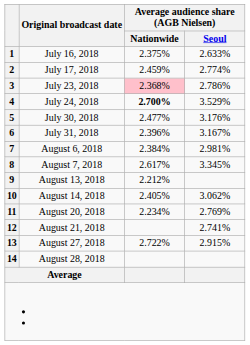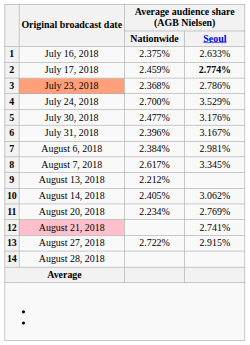 <table class="wikitable" style="text-align:center;max-width:450px; margin-left: auto; margin-right: auto; border: none;">
 <tr>
 </tr>
 <tr>
 <th rowspan="2"></th>
 <th rowspan="2">Original broadcast date</th>
 <th colspan="2">Average audience share<br>(AGB Nielsen)</th>
 </tr>
 <tr>
 <th width="90">Nationwide</th>
 <th width="90"><a href='#'>Seoul</a></th>
 </tr>
 <tr>
 <th>1</th>
 <td>July 16, 2018</td>
 <td>2.375%</td>
 <td>2.633%</td>
 </tr>
 <tr>
 <th>2</th>
 <td>July 17, 2018</td>
 <td>2.459%</td>
-<td>2.774%</td>
+<td><strong>2.774%</strong></td>
 </tr>
 <tr>
 <th>3</th>
-<td>July 23, 2018</td>
-<td style="background: pink;">2.368%</td>
+<td style="background: lightsalmon;">July 23, 2018</td>
+<td>2.368%</td>
 <td>2.786%</td>
 </tr>
 <tr>
 <th>4</th>
 <td>July 24, 2018</td>
-<td><strong>2.700%</strong></td>
+<td>2.700%</td>
 <td>3.529%</td>
 </tr>
 <tr>
 <th>5</th>
 <td>July 30, 2018</td>
 <td>2.477%</td>
 <td>3.176%</td>
 </tr>
 <tr>
 <th>6</th>
 <td>July 31, 2018</td>
 <td>2.396%</td>
 <td>3.167%</td>
 </tr>
 <tr>
 <th>7</th>
 <td>August 6, 2018</td>
 <td>2.384%</td>
 <td>2.981%</td>
 </tr>
 <tr>
 <th>8</th>
 <td>August 7, 2018</td>
 <td>2.617%</td>
 <td>3.345%</td>
 </tr>
 <tr>
 <th>9</th>
 <td>August 13, 2018</td>
 <td>2.212%</td>
 <td></td>
 </tr>
 <tr>
 <th>10</th>
 <td>August 14, 2018</td>
 <td>2.405%</td>
 <td>3.062%</td>
 </tr>
 <tr>
 <th>11</th>
 <td>August 20, 2018</td>
 <td>2.234%</td>
 <td>2.769%</td>
 </tr>
 <tr>
 <th>12</th>
-<td>August 21, 2018</td>
+<td style="background: pink;">August 21, 2018</td>
 <td></td>
 <td>2.741%</td>
 </tr>
 <tr>
 <th>13</th>
 <td>August 27, 2018</td>
 <td>2.722%</td>
 <td>2.915%</td>
 </tr>
 <tr>
 <th>14</th>
 <td>August 28, 2018</td>
 <td></td>
 <td></td>
 </tr>
 <tr>
 <th colspan="2">Average</th>
 <th></th>
 <th></th>
 </tr>
 <tr>
 <td colspan="6"><br><ul><li></li><li></li></ul></td>
 </tr>
 </table>
